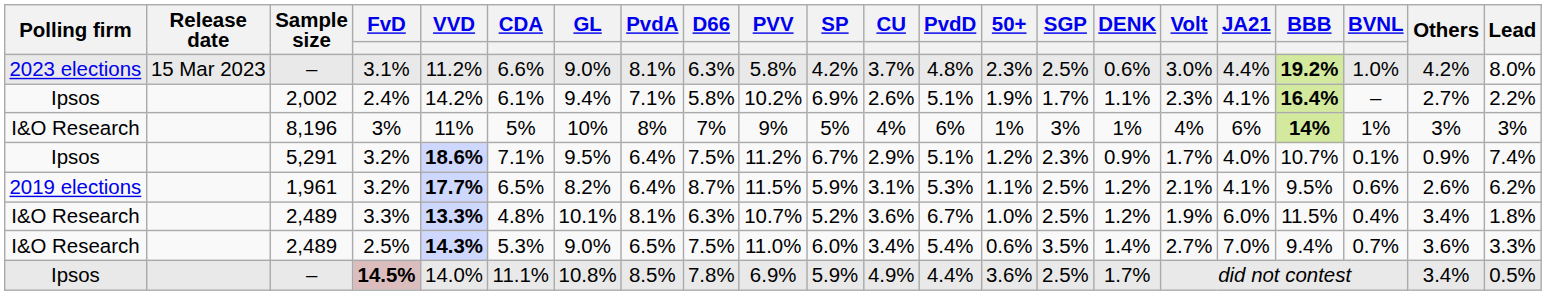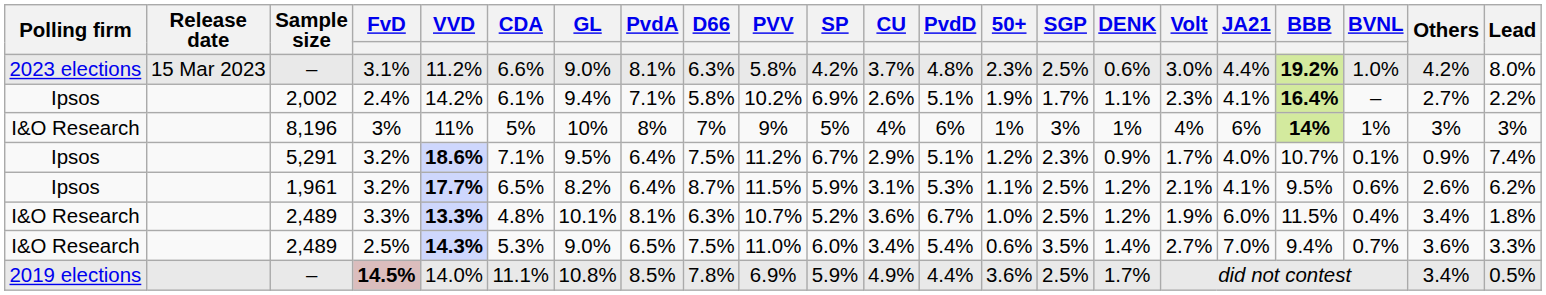 <table class="wikitable sortable tpl-blanktable" style="text-align:center;font-size:90%;line-height:14px;">
 <tr>
 <th rowspan="2">Polling firm</th>
 <th rowspan="2">Release<br>date</th>
 <th rowspan="2">Sample<br>size</th>
 <th class="unsortable" style="width:30px;"><a href='#'>FvD</a></th>
 <th class="unsortable" style="width:30px;"><a href='#'>VVD</a></th>
 <th class="unsortable" style="width:30px;"><a href='#'>CDA</a></th>
 <th class="unsortable" style="width:30px;"><a href='#'>GL</a></th>
 <th class="unsortable" style="width:30px;"><a href='#'>PvdA</a></th>
 <th class="unsortable" style="width:30px;"><a href='#'>D66</a></th>
 <th class="unsortable" style="width:30px;"><a href='#'>PVV</a></th>
 <th class="unsortable" style="width:30px;"><a href='#'>SP</a></th>
 <th class="unsortable" style="width:30px;"><a href='#'>CU</a></th>
 <th class="unsortable" style="width:30px;"><a href='#'>PvdD</a></th>
 <th class="unsortable" style="width:30px;"><a href='#'>50+</a></th>
 <th class="unsortable" style="width:30px;"><a href='#'>SGP</a></th>
 <th class="unsortable" style="width:30px;"><a href='#'>DENK</a></th>
 <th class="unsortable" style="width:30px;"><a href='#'>Volt</a></th>
 <th class="unsortable" style="width:30px;"><a href='#'>JA21</a></th>
 <th class="unsortable" style="width:30px;"><a href='#'>BBB</a></th>
 <th class="unsortable" style="width:30px;"><a href='#'>BVNL</a></th>
 <th class="unsortable" style="width:30px;" rowspan="2">Others</th>
 <th rowspan="2">Lead</th>
 </tr>
 <tr>
 <th data-sort-type="number" style="background:"></th>
 <th data-sort-type="number" style="background:"></th>
 <th data-sort-type="number" style="background:"></th>
 <th data-sort-type="number" style="background:"></th>
 <th data-sort-type="number" style="background:"></th>
 <th data-sort-type="number" style="background:"></th>
 <th data-sort-type="number" style="background:"></th>
 <th data-sort-type="number" style="background:"></th>
 <th data-sort-type="number" style="background:"></th>
 <th data-sort-type="number" style="background:"></th>
 <th data-sort-type="number" style="background:"></th>
 <th data-sort-type="number" style="background:"></th>
 <th data-sort-type="number" style="background:"></th>
 <th data-sort-type="number" style="background:"></th>
 <th data-sort-type="number" style="background:"></th>
 <th data-sort-type="number" style="background:"></th>
 <th data-sort-type="number" style="background:"></th>
 </tr>
 <tr>
 <td style="background:#E9E9E9"><a href='#'>2023 elections</a></td>
 <td style="background:#E9E9E9">15 Mar 2023</td>
 <td style="background:#E9E9E9">–</td>
 <td style="background:#E9E9E9">3.1%</td>
 <td style="background:#E9E9E9">11.2%</td>
 <td style="background:#E9E9E9">6.6%</td>
 <td style="background:#E9E9E9">9.0%</td>
 <td style="background:#E9E9E9">8.1%</td>
 <td style="background:#E9E9E9">6.3%</td>
 <td style="background:#E9E9E9">5.8%</td>
 <td style="background:#E9E9E9">4.2%</td>
 <td style="background:#E9E9E9">3.7%</td>
 <td style="background:#E9E9E9">4.8%</td>
 <td style="background:#E9E9E9">2.3%</td>
 <td style="background:#E9E9E9">2.5%</td>
 <td style="background:#E9E9E9">0.6%</td>
 <td style="background:#E9E9E9">3.0%</td>
 <td style="background:#E9E9E9">4.4%</td>
 <td style="background:#d3ea9e;"><strong>19.2%</strong></td>
 <td style="background:#E9E9E9">1.0%</td>
 <td style="background:#E9E9E9">4.2%</td>
 <td style="background:">8.0%</td>
 </tr>
 <tr>
 <td>Ipsos</td>
 <td></td>
 <td>2,002</td>
 <td>2.4%</td>
 <td>14.2%</td>
 <td>6.1%</td>
 <td>9.4%</td>
 <td>7.1%</td>
 <td>5.8%</td>
 <td>10.2%</td>
 <td>6.9%</td>
 <td>2.6%</td>
 <td>5.1%</td>
 <td>1.9%</td>
 <td>1.7%</td>
 <td>1.1%</td>
 <td>2.3%</td>
 <td>4.1%</td>
 <td style="background:#d3ea9e;"><strong>16.4%</strong></td>
 <td>–</td>
 <td>2.7%</td>
 <td style="background:">2.2%</td>
 </tr>
 <tr>
 <td>I&O Research</td>
 <td></td>
 <td>8,196</td>
 <td>3%</td>
 <td>11%</td>
 <td>5%</td>
 <td>10%</td>
 <td>8%</td>
 <td>7%</td>
 <td>9%</td>
 <td>5%</td>
 <td>4%</td>
 <td>6%</td>
 <td>1%</td>
 <td>3%</td>
 <td>1%</td>
 <td>4%</td>
 <td>6%</td>
 <td style="background:#d3ea9e;"><strong>14%</strong></td>
 <td>1%</td>
 <td>3%</td>
 <td style="background:">3%</td>
 </tr>
 <tr>
 <td>Ipsos</td>
 <td></td>
 <td>5,291</td>
 <td>3.2%</td>
 <td style="background:#CED7FD;"><strong>18.6%</strong></td>
 <td>7.1%</td>
 <td>9.5%</td>
 <td>6.4%</td>
 <td>7.5%</td>
 <td>11.2%</td>
 <td>6.7%</td>
 <td>2.9%</td>
 <td>5.1%</td>
 <td>1.2%</td>
 <td>2.3%</td>
 <td>0.9%</td>
 <td>1.7%</td>
 <td>4.0%</td>
 <td>10.7%</td>
 <td>0.1%</td>
 <td>0.9%</td>
 <td style="background:">7.4%</td>
 </tr>
 <tr>
-<td><a href='#'>2019 elections</a></td>
+<td>Ipsos</td>
 <td></td>
 <td>1,961</td>
 <td>3.2%</td>
 <td style="background:#CED7FD;"><strong>17.7%</strong></td>
 <td>6.5%</td>
 <td>8.2%</td>
 <td>6.4%</td>
 <td>8.7%</td>
 <td>11.5%</td>
 <td>5.9%</td>
 <td>3.1%</td>
 <td>5.3%</td>
 <td>1.1%</td>
 <td>2.5%</td>
 <td>1.2%</td>
 <td>2.1%</td>
 <td>4.1%</td>
 <td>9.5%</td>
 <td>0.6%</td>
 <td>2.6%</td>
 <td style="background:">6.2%</td>
 </tr>
 <tr>
 <td>I&O Research</td>
 <td></td>
 <td>2,489</td>
 <td>3.3%</td>
 <td style="background:#CED7FD;"><strong>13.3%</strong></td>
 <td>4.8%</td>
 <td>10.1%</td>
 <td>8.1%</td>
 <td>6.3%</td>
 <td>10.7%</td>
 <td>5.2%</td>
 <td>3.6%</td>
 <td>6.7%</td>
 <td>1.0%</td>
 <td>2.5%</td>
 <td>1.2%</td>
 <td>1.9%</td>
 <td>6.0%</td>
 <td>11.5%</td>
 <td>0.4%</td>
 <td>3.4%</td>
 <td style="background:">1.8%</td>
 </tr>
 <tr>
 <td>I&O Research</td>
 <td></td>
 <td>2,489</td>
 <td>2.5%</td>
 <td style="background:#CED7FD;"><strong>14.3%</strong></td>
 <td>5.3%</td>
 <td>9.0%</td>
 <td>6.5%</td>
 <td>7.5%</td>
 <td>11.0%</td>
 <td>6.0%</td>
 <td>3.4%</td>
 <td>5.4%</td>
 <td>0.6%</td>
 <td>3.5%</td>
 <td>1.4%</td>
 <td>2.7%</td>
 <td>7.0%</td>
 <td>9.4%</td>
 <td>0.7%</td>
 <td>3.6%</td>
 <td style="background:">3.3%</td>
 </tr>
 <tr style="background:#E9E9E9;">
-<td>Ipsos</td>
+<td><a href='#'>2019 elections</a></td>
 <td></td>
 <td>–</td>
 <td style="background:#DBBDBD;"><strong>14.5%</strong></td>
 <td>14.0%</td>
 <td>11.1%</td>
 <td>10.8%</td>
 <td>8.5%</td>
 <td>7.8%</td>
 <td>6.9%</td>
 <td>5.9%</td>
 <td>4.9%</td>
 <td>4.4%</td>
 <td>3.6%</td>
 <td>2.5%</td>
 <td>1.7%</td>
 <td colspan=4><em>did not contest</em></td>
 <td>3.4%</td>
 <td style="background:">0.5%</td>
 </tr>
 </table>
